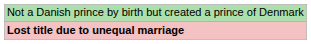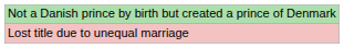 <table class="wikitable">
 <tr>
 <td style="background:#ADDFAD">Not a Danish prince by birth but created a prince of Denmark</td>
 </tr>
 <tr>
-<td style="background:#F4C2C2"><strong>Lost title due to unequal marriage</strong></td>
+<td style="background:#F4C2C2">Lost title due to unequal marriage</td>
 </tr>
 </table>
